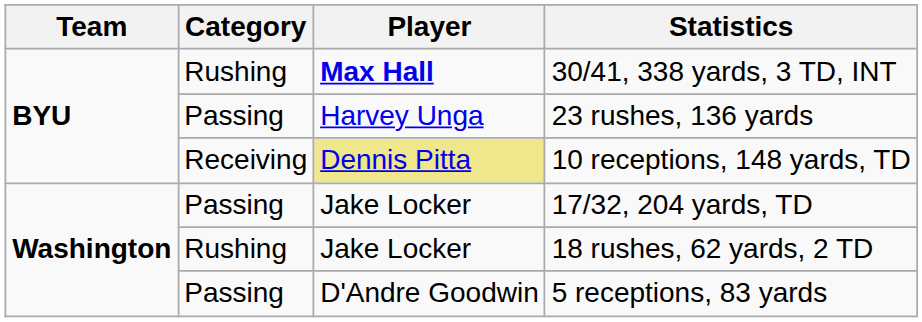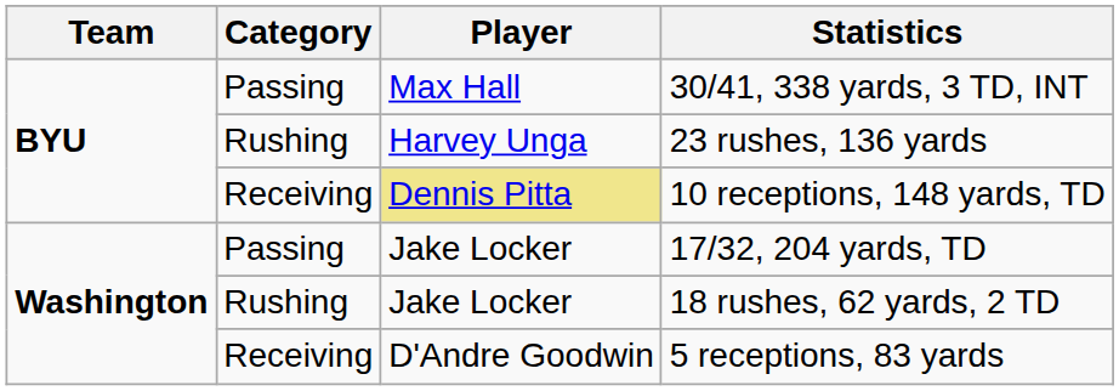 <table class="wikitable" style="float: right;">
 <tr>
 <th>Team</th>
 <th>Category</th>
 <th>Player</th>
 <th>Statistics</th>
 </tr>
 <tr>
 <td rowspan=3><strong>BYU</strong></td>
-<td>Rushing</td>
-<td><strong><a href='#'>Max Hall</a></strong></td>
+<td>Passing</td>
+<td><a href='#'>Max Hall</a></td>
 <td>30/41, 338 yards, 3 TD, INT</td>
 </tr>
 <tr>
-<td>Passing</td>
+<td>Rushing</td>
 <td><a href='#'>Harvey Unga</a></td>
 <td>23 rushes, 136 yards</td>
 </tr>
 <tr>
 <td>Receiving</td>
 <td style="background: khaki;"><a href='#'>Dennis Pitta</a></td>
 <td>10 receptions, 148 yards, TD</td>
 </tr>
 <tr>
 <td rowspan=3><strong>Washington</strong></td>
 <td>Passing</td>
 <td>Jake Locker</td>
 <td>17/32, 204 yards, TD</td>
 </tr>
 <tr>
 <td>Rushing</td>
 <td>Jake Locker</td>
 <td>18 rushes, 62 yards, 2 TD</td>
 </tr>
 <tr>
-<td>Passing</td>
+<td>Receiving</td>
 <td>D'Andre Goodwin</td>
 <td>5 receptions, 83 yards</td>
 </tr>
 </table>
